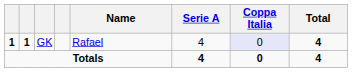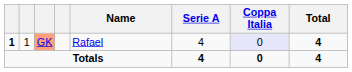 <table class="wikitable" style="text-align:center">
 <tr>
 <th width=15></th>
 <th width=15></th>
 <th width=15></th>
 <th width=15></th>
 <th width=145>Name</th>
 <th width=80><a href='#'>Serie A</a></th>
 <th width=80><a href='#'>Coppa Italia</a></th>
 <th width=80>Total</th>
 </tr>
 <tr>
 <td><strong>1</strong></td>
-<td><strong>1</strong></td>
-<td><a href='#'>GK</a></td>
+<td>1</td>
+<td style="background: lightsalmon;"><a href='#'>GK</a></td>
 <td></td>
 <td align=left><a href='#'>Rafael</a></td>
 <td>4</td>
 <td style="background: lavender;">0</td>
 <td><strong>4</strong></td>
 </tr>
 <tr>
 <td colspan=5><strong>Totals</strong></td>
 <td><strong>4</strong></td>
 <td><strong>0</strong></td>
 <td><strong>4</strong></td>
 </tr>
 </table>
